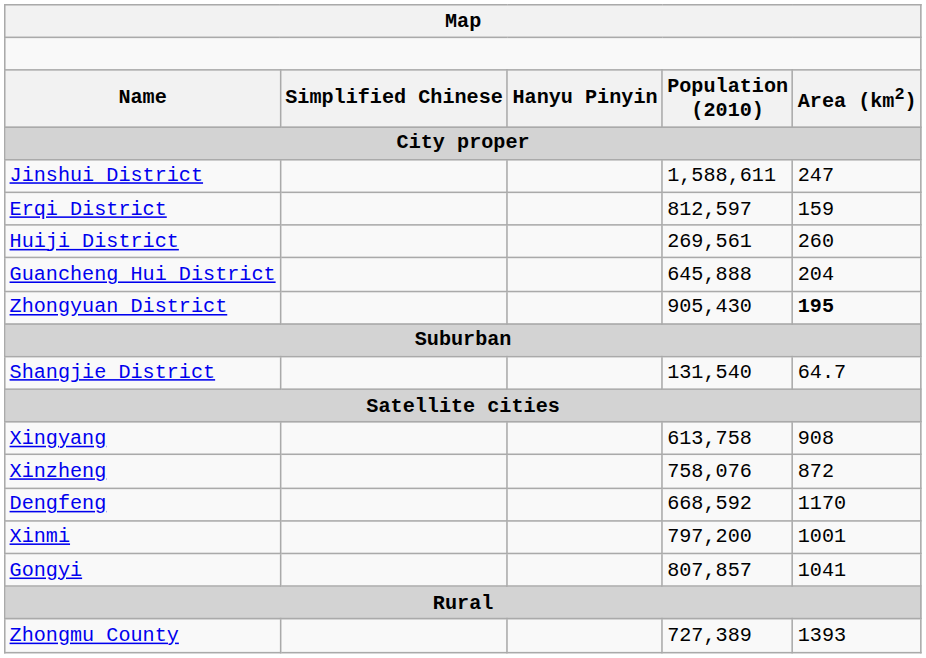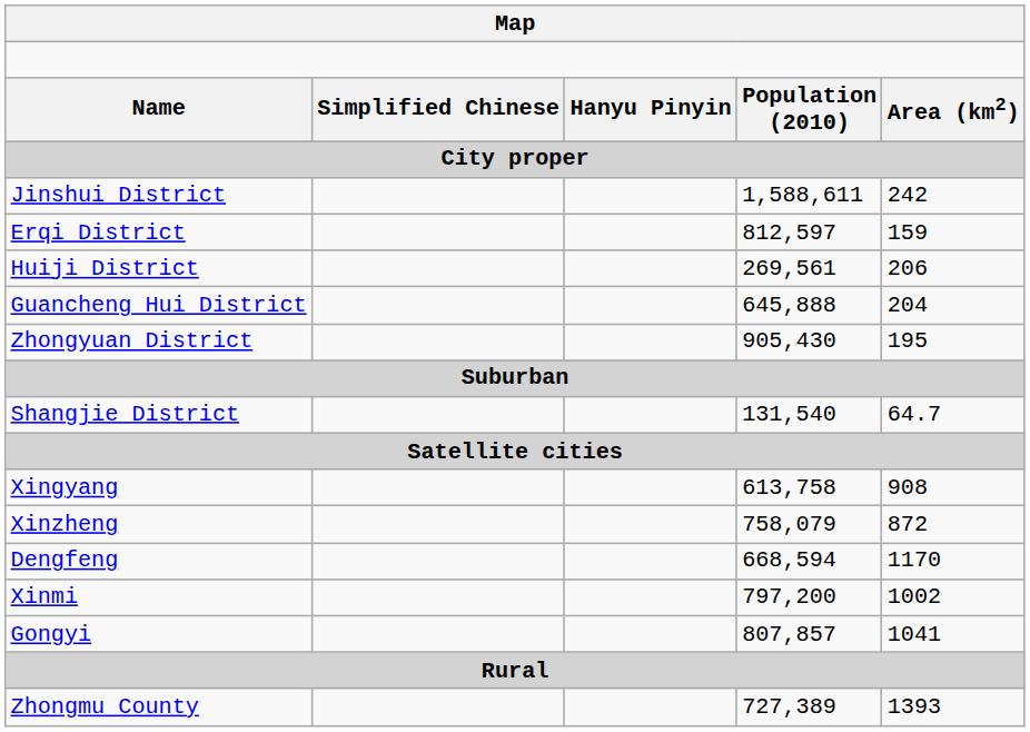 <table class="wikitable" style="font-size:100%;">
 <tr>
 <th colspan=6>Map</th>
 </tr>
 <tr>
 <td colspan=6><div><br>              </div></td>
 </tr>
 <tr>
 <th>Name</th>
 <th>Simplified Chinese</th>
 <th>Hanyu Pinyin</th>
 <th>Population<br>(2010)</th>
 <th>Area (km<sup>2</sup>)</th>
 </tr>
 <tr>
 <td colspan=6 style="text-align:center; background:#d3d3d3;"><strong>City proper</strong></td>
 </tr>
 <tr>
 <td><a href='#'>Jinshui District</a></td>
 <td></td>
 <td></td>
 <td>1,588,611</td>
-<td>247</td>
+<td>242</td>
 </tr>
 <tr>
 <td><a href='#'>Erqi District</a></td>
 <td></td>
 <td></td>
 <td>812,597</td>
 <td>159</td>
 </tr>
 <tr>
 <td><a href='#'>Huiji District</a></td>
 <td></td>
 <td></td>
 <td>269,561</td>
-<td>260</td>
+<td>206</td>
 </tr>
 <tr>
 <td><a href='#'>Guancheng Hui District</a></td>
 <td></td>
 <td></td>
 <td>645,888</td>
 <td>204</td>
 </tr>
 <tr>
 <td><a href='#'>Zhongyuan District</a></td>
 <td></td>
 <td></td>
 <td>905,430</td>
-<td><strong>195</strong></td>
+<td>195</td>
 </tr>
 <tr>
 <td colspan=6 style="text-align:center; background:#d3d3d3;"><strong>Suburban</strong></td>
 </tr>
 <tr>
 <td><a href='#'>Shangjie District</a></td>
 <td></td>
 <td></td>
 <td>131,540</td>
 <td>64.7</td>
 </tr>
 <tr>
 <td colspan=6 style="text-align:center; background:#d3d3d3;"><strong>Satellite cities</strong></td>
 </tr>
 <tr>
 <td><a href='#'>Xingyang</a></td>
 <td></td>
 <td></td>
 <td>613,758</td>
 <td>908</td>
 </tr>
 <tr>
 <td><a href='#'>Xinzheng</a></td>
 <td></td>
 <td></td>
-<td>758,076</td>
+<td>758,079</td>
 <td>872</td>
 </tr>
 <tr>
 <td><a href='#'>Dengfeng</a></td>
 <td></td>
 <td></td>
-<td>668,592</td>
+<td>668,594</td>
 <td>1170</td>
 </tr>
 <tr>
 <td><a href='#'>Xinmi</a></td>
 <td></td>
 <td></td>
 <td>797,200</td>
-<td>1001</td>
+<td>1002</td>
 </tr>
 <tr>
 <td><a href='#'>Gongyi</a></td>
 <td></td>
 <td></td>
 <td>807,857</td>
 <td>1041</td>
 </tr>
 <tr>
 <td colspan=6 style="text-align:center; background:#d3d3d3;"><strong>Rural</strong></td>
 </tr>
 <tr>
 <td><a href='#'>Zhongmu County</a></td>
 <td></td>
 <td></td>
 <td>727,389</td>
 <td>1393</td>
 </tr>
 </table>
